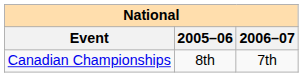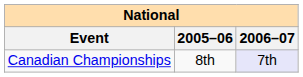 <table class="wikitable" style="text-align:center">
 <tr>
 <th style="background-color: #ffdead; " colspan=3 align=center><strong>National</strong></th>
 </tr>
 <tr>
 <th>Event</th>
 <th>2005–06</th>
 <th>2006–07</th>
 </tr>
 <tr>
 <td align=left><a href='#'>Canadian Championships</a></td>
 <td>8th</td>
-<td>7th</td>
+<td style="background: lavender;">7th</td>
 </tr>
 </table>
